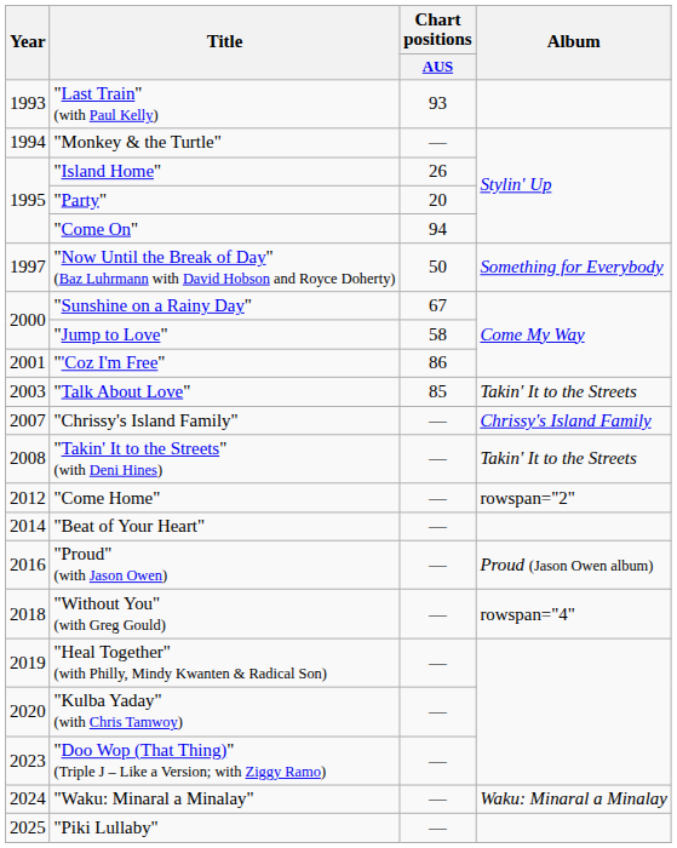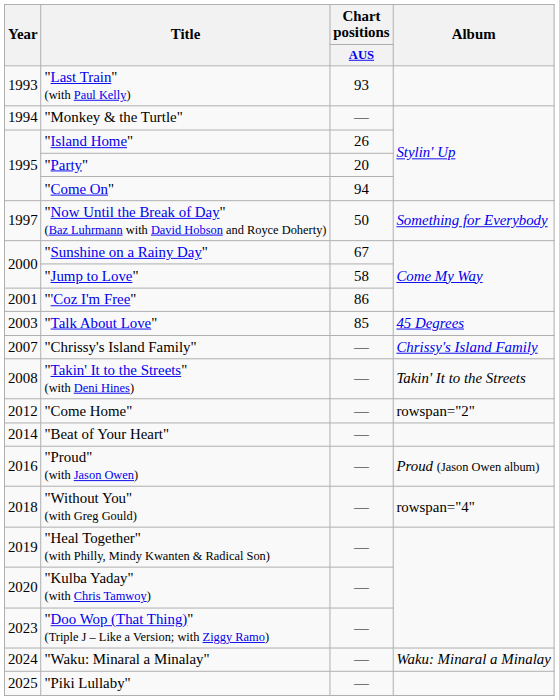 <table class="wikitable">
 <tr>
 <th scope="col" rowspan="2">Year</th>
 <th scope="col" rowspan="2">Title</th>
 <th scope="col">Chart positions</th>
 <th scope="col" rowspan="2">Album</th>
 </tr>
 <tr>
 <th scope="col" style="width:3em;font-size:85%"><a href='#'>AUS</a><br></th>
 </tr>
 <tr>
 <td>1993</td>
 <td align="left">"<a href='#'>Last Train</a>"<br><small>(with <a href='#'>Paul Kelly</a>)</small></td>
 <td style="text-align:center;">93</td>
 <td></td>
 </tr>
 <tr>
 <td>1994</td>
 <td align="left">"Monkey & the Turtle"</td>
 <td style="text-align:center;">—</td>
 <td rowspan="4"><em><a href='#'>Stylin' Up</a></em></td>
 </tr>
 <tr>
 <td rowspan="3">1995</td>
 <td align="left">"<a href='#'>Island Home</a>"</td>
 <td style="text-align:center;">26</td>
 </tr>
 <tr>
 <td align="left">"<a href='#'>Party</a>"</td>
 <td style="text-align:center;">20</td>
 </tr>
 <tr>
 <td align="left">"<a href='#'>Come On</a>"</td>
 <td style="text-align:center;">94</td>
 </tr>
 <tr>
 <td>1997</td>
 <td align="left">"<a href='#'>Now Until the Break of Day</a>"<br><small>(<a href='#'>Baz Luhrmann</a> with <a href='#'>David Hobson</a> and Royce Doherty)</small></td>
 <td style="text-align:center;">50</td>
 <td><em><a href='#'>Something for Everybody</a></em></td>
 </tr>
 <tr>
 <td rowspan="2">2000</td>
 <td align="left">"<a href='#'>Sunshine on a Rainy Day</a>"</td>
 <td style="text-align:center;">67</td>
 <td rowspan="3"><em><a href='#'>Come My Way</a></em></td>
 </tr>
 <tr>
 <td align="left">"<a href='#'>Jump to Love</a>"</td>
 <td style="text-align:center;">58</td>
 </tr>
 <tr>
 <td>2001</td>
 <td align="left">"<a href='#'>'Coz I'm Free</a>"</td>
 <td style="text-align:center;">86</td>
 </tr>
 <tr>
 <td>2003</td>
 <td align="left">"<a href='#'>Talk About Love</a>"</td>
 <td style="text-align:center;">85</td>
-<td><em> Takin' It to the Streets</em></td>
+<td><em><a href='#'>45 Degrees</a></em></td>
 </tr>
 <tr>
 <td>2007</td>
 <td align="left">"Chrissy's Island Family"</td>
 <td style="text-align:center;">—</td>
 <td><em><a href='#'>Chrissy's Island Family</a></em></td>
 </tr>
 <tr>
 <td>2008</td>
 <td align="left">"<a href='#'>Takin' It to the Streets</a>"<br><small>(with <a href='#'>Deni Hines</a>)</small></td>
 <td style="text-align:center;">—</td>
 <td><em> Takin' It to the Streets</em></td>
 </tr>
 <tr>
 <td>2012</td>
 <td align="left">"Come Home"</td>
 <td style="text-align:center;">—</td>
 <td>rowspan="2" </td>
 </tr>
 <tr>
 <td>2014</td>
 <td align="left">"Beat of Your Heart"</td>
 <td style="text-align:center;">—</td>
 </tr>
 <tr>
 <td>2016</td>
 <td align="left">"Proud"<br><small>(with <a href='#'>Jason Owen</a>)</small></td>
 <td style="text-align:center;">—</td>
 <td><em>Proud</em> <small> (Jason Owen album)</small></td>
 </tr>
 <tr>
 <td>2018</td>
 <td align="left">"Without You"<br><small>(with Greg Gould)</small></td>
 <td style="text-align:center;">—</td>
 <td>rowspan="4" </td>
 </tr>
 <tr>
 <td>2019</td>
 <td align="left">"Heal Together"<br><small>(with Philly, Mindy Kwanten & Radical Son)</small></td>
 <td style="text-align:center;">—</td>
 </tr>
 <tr>
 <td>2020</td>
 <td align="left">"Kulba Yaday"<br><small>(with <a href='#'>Chris Tamwoy</a>)</small></td>
 <td style="text-align:center;">—</td>
 </tr>
 <tr>
 <td>2023</td>
 <td align="left">"<a href='#'>Doo Wop (That Thing)</a>"<br><small>(Triple J – Like a Version; with <a href='#'>Ziggy Ramo</a>)</small></td>
 <td style="text-align:center;">—</td>
 </tr>
 <tr>
 <td>2024</td>
 <td align="left">"Waku: Minaral a Minalay"</td>
 <td style="text-align:center;">—</td>
 <td><em>Waku: Minaral a Minalay</em></td>
 </tr>
 <tr>
 <td>2025</td>
 <td align="left">"Piki Lullaby"</td>
 <td style="text-align:center;">—</td>
 <td></td>
 </tr>
 </table>
